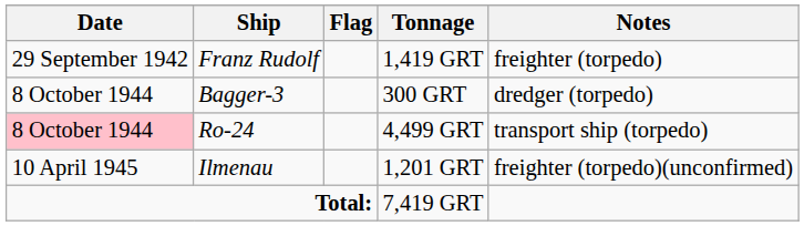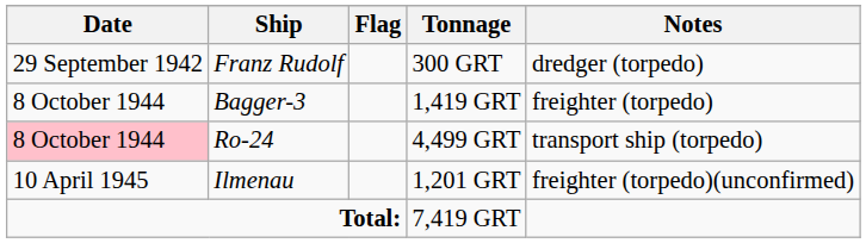 <table class="wikitable" style="margin:1em auto;">
 <tr>
 </tr>
 <tr>
 <th>Date</th>
 <th>Ship</th>
 <th>Flag</th>
 <th>Tonnage</th>
 <th>Notes</th>
 </tr>
 <tr>
 <td>29 September 1942</td>
 <td><em>Franz Rudolf</em></td>
 <td></td>
-<td>1,419 GRT</td>
-<td>freighter (torpedo)</td>
+<td>300 GRT</td>
+<td>dredger (torpedo)</td>
 </tr>
 <tr>
 <td>8 October 1944</td>
 <td><em>Bagger-3</em></td>
 <td></td>
-<td>300 GRT</td>
-<td>dredger (torpedo)</td>
+<td>1,419 GRT</td>
+<td>freighter (torpedo)</td>
 </tr>
 <tr>
 <td style="background: pink;">8 October 1944</td>
 <td><em>Ro-24</em></td>
 <td></td>
 <td>4,499 GRT</td>
 <td>transport ship (torpedo)</td>
 </tr>
 <tr>
 <td>10 April 1945</td>
 <td><em>Ilmenau </em></td>
 <td></td>
 <td>1,201 GRT</td>
 <td>freighter (torpedo)(unconfirmed)</td>
 </tr>
 <tr>
 <td colspan="3" style="text-align:right;"><strong>Total:</strong></td>
 <td>7,419 GRT</td>
 <td></td>
 </tr>
 </table>
